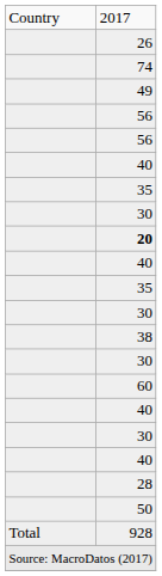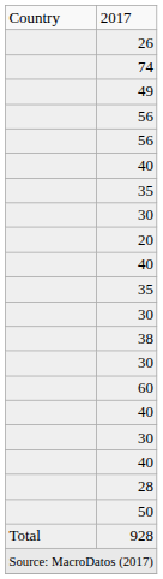 <table class="wikitable">
 <tr>
 <td>Country</td>
 <td>2017</td>
 </tr>
 <tr bgcolor="efefef">
 <td></td>
 <td align=right>26</td>
 </tr>
 <tr bgcolor="efefef">
 <td></td>
 <td align=right>74</td>
 </tr>
 <tr bgcolor="efefef">
 <td></td>
 <td align=right>49</td>
 </tr>
 <tr bgcolor="efefef">
 <td></td>
 <td align=right>56</td>
 </tr>
 <tr bgcolor="efefef">
 <td></td>
 <td align=right>56</td>
 </tr>
 <tr bgcolor="efefef">
 <td></td>
 <td align=right>40</td>
 </tr>
 <tr bgcolor="efefef">
 <td></td>
 <td align=right>35</td>
 </tr>
 <tr bgcolor="efefef">
 <td></td>
 <td align=right>30</td>
 </tr>
 <tr bgcolor="efefef">
 <td></td>
-<td align=right><strong>20</strong></td>
+<td align=right>20</td>
 </tr>
 <tr bgcolor="efefef">
 <td></td>
 <td align=right>40</td>
 </tr>
 <tr bgcolor="efefef">
 <td></td>
 <td align=right>35</td>
 </tr>
 <tr bgcolor="efefef">
 <td></td>
 <td align=right>30</td>
 </tr>
 <tr bgcolor="efefef">
 <td></td>
 <td align=right>38</td>
 </tr>
 <tr bgcolor="efefef">
 <td></td>
 <td align=right>30</td>
 </tr>
 <tr bgcolor="efefef">
 <td></td>
 <td align=right>60</td>
 </tr>
 <tr bgcolor="efefef">
 <td></td>
 <td align=right>40</td>
 </tr>
 <tr bgcolor="efefef">
 <td></td>
 <td align=right>30</td>
 </tr>
 <tr bgcolor="efefef">
 <td></td>
 <td align=right>40</td>
 </tr>
 <tr bgcolor="efefef">
 <td></td>
 <td align=right>28</td>
 </tr>
 <tr bgcolor="efefef">
 <td></td>
 <td align=right>50</td>
 </tr>
 <tr bgcolor="efefef">
 <td>Total</td>
 <td align=right>928</td>
 </tr>
 <tr bgcolor="efefef">
 <td colspan=3 style="background:#e9e9e9;" align=center><small>Source: MacroDatos (2017)</small></td>
 </tr>
 <tr>
 </tr>
 </table>
